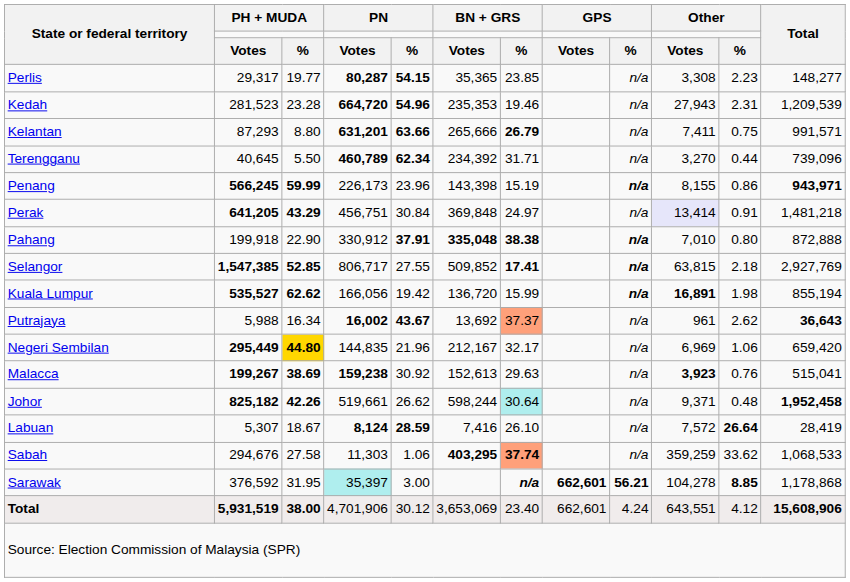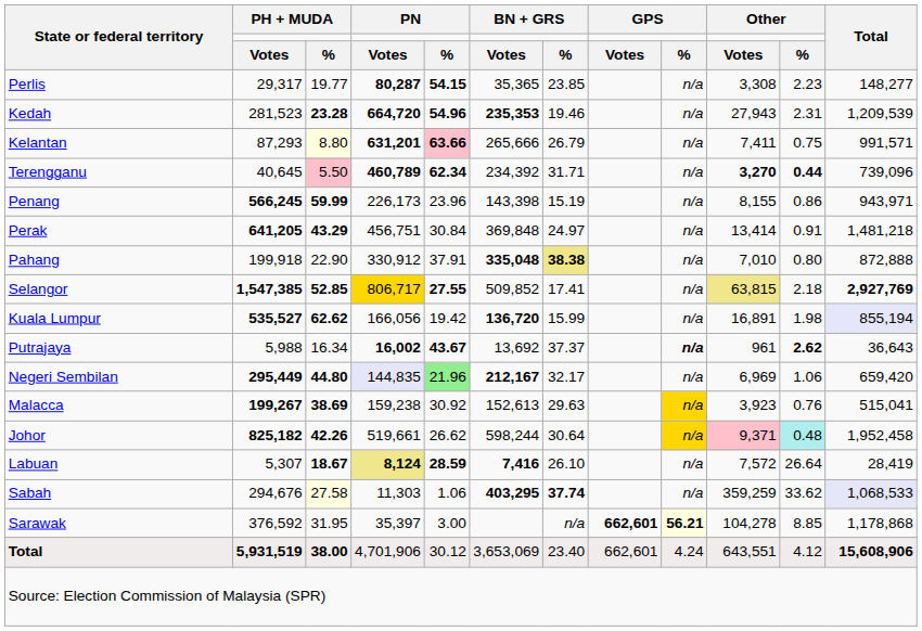 <table class="wikitable unsortable" style="text-align:right;font-size:90%;line-height:1.5">
 <tr>
 <th colspan="1" rowspan="3">State or federal territory</th>
 <th colspan="2">PH + MUDA</th>
 <th colspan="2">PN</th>
 <th colspan="2">BN + GRS</th>
 <th colspan="2">GPS</th>
 <th colspan="2">Other</th>
 <th rowspan="3" style="width:10%;">Total</th>
 </tr>
 <tr>
 <td colspan="2"></td>
 <td colspan="2"></td>
 <td colspan="2"></td>
 <td colspan="2"></td>
 <td colspan="2"></td>
 </tr>
 <tr>
 <th style="width:8%;">Votes</th>
 <th style="width:5%;">%</th>
 <th style="width:8%;">Votes</th>
 <th style="width:5%;">%</th>
 <th style="width:8%;">Votes</th>
 <th style="width:5%;">%</th>
 <th style="width:8%;">Votes</th>
 <th style="width:5%;">%</th>
 <th style="width:8%;">Votes</th>
 <th style="width:5%;">%</th>
 </tr>
 <tr>
 <td style="text-align:left;"> <a href='#'>Perlis</a></td>
 <td>29,317</td>
 <td>19.77</td>
 <td><strong>80,287</strong></td>
 <td><strong>54.15</strong></td>
 <td>35,365</td>
 <td>23.85</td>
 <td></td>
 <td><em>n/a</em></td>
 <td>3,308</td>
 <td>2.23</td>
 <td>148,277</td>
 </tr>
 <tr>
 <td style="text-align:left;"> <a href='#'>Kedah</a></td>
 <td>281,523</td>
-<td>23.28</td>
+<td><strong>23.28</strong></td>
 <td><strong>664,720</strong></td>
 <td><strong>54.96</strong></td>
-<td>235,353</td>
+<td><strong>235,353</strong></td>
 <td>19.46</td>
 <td></td>
 <td><em>n/a</em></td>
 <td>27,943</td>
 <td>2.31</td>
 <td>1,209,539</td>
 </tr>
 <tr>
 <td style="text-align:left;"> <a href='#'>Kelantan</a></td>
 <td>87,293</td>
-<td>8.80</td>
+<td style="background: lightyellow;">8.80</td>
 <td><strong>631,201</strong></td>
-<td><strong>63.66</strong></td>
+<td style="background: pink;"><strong>63.66</strong></td>
 <td>265,666</td>
-<td><strong>26.79</strong></td>
+<td>26.79</td>
 <td></td>
 <td><em>n/a</em></td>
 <td>7,411</td>
 <td>0.75</td>
 <td>991,571</td>
 </tr>
 <tr>
 <td style="text-align:left;"> <a href='#'>Terengganu</a></td>
 <td>40,645</td>
-<td>5.50</td>
+<td style="background: pink;">5.50</td>
 <td><strong>460,789</strong></td>
 <td><strong>62.34</strong></td>
 <td>234,392</td>
 <td>31.71</td>
 <td></td>
 <td><em>n/a</em></td>
-<td>3,270</td>
-<td>0.44</td>
+<td><strong>3,270</strong></td>
+<td><strong>0.44</strong></td>
 <td>739,096</td>
 </tr>
 <tr>
 <td style="text-align:left;"> <a href='#'>Penang</a></td>
 <td><strong>566,245</strong></td>
 <td><strong>59.99</strong></td>
 <td>226,173</td>
 <td>23.96</td>
 <td>143,398</td>
 <td>15.19</td>
 <td></td>
-<td><strong><em>n/a</em></strong></td>
+<td><em>n/a</em></td>
 <td>8,155</td>
 <td>0.86</td>
-<td><strong>943,971</strong></td>
+<td>943,971</td>
 </tr>
 <tr>
 <td style="text-align:left;"> <a href='#'>Perak</a></td>
 <td><strong>641,205</strong></td>
 <td><strong>43.29</strong></td>
 <td>456,751</td>
 <td>30.84</td>
 <td>369,848</td>
 <td>24.97</td>
 <td></td>
 <td><em>n/a</em></td>
-<td style="background: lavender;">13,414</td>
+<td>13,414</td>
 <td>0.91</td>
 <td>1,481,218</td>
 </tr>
 <tr>
 <td style="text-align:left;"> <a href='#'>Pahang</a></td>
 <td>199,918</td>
 <td>22.90</td>
 <td>330,912</td>
-<td><strong>37.91</strong></td>
+<td>37.91</td>
 <td><strong>335,048</strong></td>
-<td><strong>38.38</strong></td>
+<td style="background: khaki;"><strong>38.38</strong></td>
 <td></td>
-<td><strong><em>n/a</em></strong></td>
+<td><em>n/a</em></td>
 <td>7,010</td>
 <td>0.80</td>
 <td>872,888</td>
 </tr>
 <tr>
 <td style="text-align:left;"> <a href='#'>Selangor</a></td>
 <td><strong>1,547,385</strong></td>
 <td><strong>52.85</strong></td>
-<td>806,717</td>
-<td>27.55</td>
+<td style="background: gold;">806,717</td>
+<td><strong>27.55</strong></td>
 <td>509,852</td>
-<td><strong>17.41</strong></td>
+<td>17.41</td>
 <td></td>
-<td><strong><em>n/a</em></strong></td>
-<td>63,815</td>
+<td><em>n/a</em></td>
+<td style="background: khaki;">63,815</td>
 <td>2.18</td>
-<td>2,927,769</td>
+<td><strong>2,927,769</strong></td>
 </tr>
 <tr>
 <td style="text-align:left;"> <a href='#'>Kuala Lumpur</a></td>
 <td><strong>535,527</strong></td>
 <td><strong>62.62</strong></td>
 <td>166,056</td>
 <td>19.42</td>
-<td>136,720</td>
+<td><strong>136,720</strong></td>
 <td>15.99</td>
 <td></td>
-<td><strong><em>n/a</em></strong></td>
-<td><strong>16,891</strong></td>
+<td><em>n/a</em></td>
+<td>16,891</td>
 <td>1.98</td>
-<td>855,194</td>
+<td style="background: lavender;">855,194</td>
 </tr>
 <tr>
 <td style="text-align:left;"> <a href='#'>Putrajaya</a></td>
 <td>5,988</td>
 <td>16.34</td>
 <td><strong>16,002</strong></td>
 <td><strong>43.67</strong></td>
 <td>13,692</td>
-<td style="background: lightsalmon;">37.37</td>
+<td>37.37</td>
 <td></td>
-<td><em>n/a</em></td>
+<td><strong><em>n/a</em></strong></td>
 <td>961</td>
-<td>2.62</td>
-<td><strong>36,643</strong></td>
+<td><strong>2.62</strong></td>
+<td>36,643</td>
 </tr>
 <tr>
 <td style="text-align:left;"> <a href='#'>Negeri Sembilan</a></td>
 <td><strong>295,449</strong></td>
-<td style="background: gold;"><strong>44.80</strong></td>
-<td>144,835</td>
-<td>21.96</td>
-<td>212,167</td>
+<td><strong>44.80</strong></td>
+<td style="background: lavender;">144,835</td>
+<td style="background: lightgreen;">21.96</td>
+<td><strong>212,167</strong></td>
 <td>32.17</td>
 <td></td>
 <td><em>n/a</em></td>
 <td>6,969</td>
 <td>1.06</td>
 <td>659,420</td>
 </tr>
 <tr>
 <td style="text-align:left;"> <a href='#'>Malacca</a></td>
 <td><strong>199,267</strong></td>
 <td><strong>38.69</strong></td>
-<td><strong>159,238</strong></td>
+<td>159,238</td>
 <td>30.92</td>
 <td>152,613</td>
 <td>29.63</td>
 <td></td>
-<td><em>n/a</em></td>
-<td><strong>3,923</strong></td>
+<td style="background: gold;"><em>n/a</em></td>
+<td>3,923</td>
 <td>0.76</td>
 <td>515,041</td>
 </tr>
 <tr>
 <td style="text-align:left;"> <a href='#'>Johor</a></td>
 <td><strong>825,182</strong></td>
 <td><strong>42.26</strong></td>
 <td>519,661</td>
 <td>26.62</td>
 <td>598,244</td>
-<td style="background: paleturquoise;">30.64</td>
+<td>30.64</td>
 <td></td>
-<td><em>n/a</em></td>
-<td>9,371</td>
-<td>0.48</td>
-<td><strong>1,952,458</strong></td>
+<td style="background: gold;"><em>n/a</em></td>
+<td style="background: pink;">9,371</td>
+<td style="background: paleturquoise;">0.48</td>
+<td>1,952,458</td>
 </tr>
 <tr>
 <td style="text-align:left;"> <a href='#'>Labuan</a></td>
 <td>5,307</td>
-<td>18.67</td>
-<td><strong>8,124</strong></td>
+<td><strong>18.67</strong></td>
+<td style="background: khaki;"><strong>8,124</strong></td>
 <td><strong>28.59</strong></td>
-<td>7,416</td>
+<td><strong>7,416</strong></td>
 <td>26.10</td>
 <td></td>
 <td><em>n/a</em></td>
 <td>7,572</td>
-<td><strong>26.64</strong></td>
+<td>26.64</td>
 <td>28,419</td>
 </tr>
 <tr>
 <td style="text-align:left;"> <a href='#'>Sabah</a></td>
 <td>294,676</td>
-<td>27.58</td>
+<td style="background: lightyellow;">27.58</td>
 <td>11,303</td>
 <td>1.06</td>
 <td><strong>403,295</strong></td>
-<td style="background: lightsalmon;"><strong>37.74</strong></td>
+<td><strong>37.74</strong></td>
 <td></td>
 <td><em>n/a</em></td>
 <td>359,259</td>
 <td>33.62</td>
-<td>1,068,533</td>
+<td style="background: lavender;">1,068,533</td>
 </tr>
 <tr>
 <td style="text-align:left;"> <a href='#'>Sarawak</a></td>
 <td>376,592</td>
 <td>31.95</td>
-<td style="background: paleturquoise;">35,397</td>
+<td>35,397</td>
 <td>3.00</td>
 <td></td>
-<td><strong><em>n/a</em></strong></td>
+<td><em>n/a</em></td>
 <td><strong>662,601</strong></td>
-<td><strong>56.21</strong></td>
+<td style="background: lightyellow;"><strong>56.21</strong></td>
 <td>104,278</td>
-<td><strong>8.85</strong></td>
+<td>8.85</td>
 <td>1,178,868</td>
 </tr>
 <tr>
 <td style="text-align:left;" bgcolor="#f0ecec"><strong>Total</strong></td>
 <td style="text-align:right;" bgcolor="#f0ecec"><strong>5,931,519</strong></td>
 <td style="text-align:right;" bgcolor="#f0ecec"><strong>38.00</strong></td>
 <td style="text-align:right;" bgcolor="#f0ecec">4,701,906</td>
 <td style="text-align:right;" bgcolor="#f0ecec">30.12</td>
 <td style="text-align:right;" bgcolor="#f0ecec">3,653,069</td>
 <td style="text-align:right;" bgcolor="#f0ecec">23.40</td>
 <td style="text-align:right;" bgcolor="#f0ecec">662,601</td>
 <td style="text-align:right;" bgcolor="#f0ecec">4.24</td>
 <td style="text-align:right;" bgcolor="#f0ecec">643,551</td>
 <td style="text-align:right;" bgcolor="#f0ecec">4.12</td>
 <td style="text-align:right;" bgcolor="#f0ecec"><strong>15,608,906</strong></td>
 </tr>
 <tr>
 <td colspan="12" style="text-align:left;line-height:3.5">Source: Election Commission of Malaysia (SPR)</td>
 </tr>
 </table>
